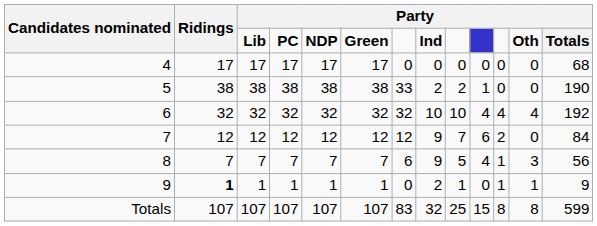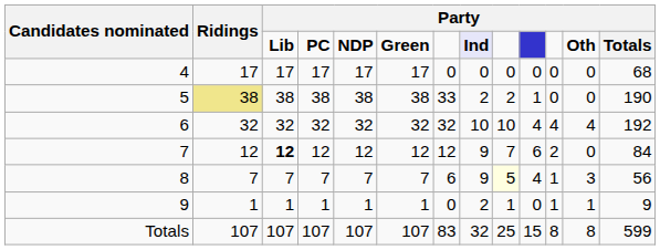 <table class="wikitable" style="text-align:right;">
 <tr>
 <th rowspan="2">Candidates nominated</th>
 <th rowspan="2">Ridings</th>
 <th colspan="11">Party</th>
 </tr>
 <tr>
 <td><strong>Lib</strong></td>
 <td><strong>PC</strong></td>
 <td><strong>NDP</strong></td>
 <td><strong>Green</strong></td>
 <td><strong></strong></td>
-<td><strong>Ind</strong></td>
+<td style="background: lavender;"><strong>Ind</strong></td>
 <td><strong></strong></td>
 <td style="background-color:#3333CC; color: white" align="center"><strong></strong></td>
 <td><strong></strong></td>
 <td><strong>Oth</strong></td>
 <th>Totals</th>
 </tr>
 <tr>
 <td>4</td>
 <td>17</td>
 <td>17</td>
 <td>17</td>
 <td>17</td>
 <td>17</td>
 <td>0</td>
 <td>0</td>
 <td>0</td>
 <td>0</td>
 <td>0</td>
 <td>0</td>
 <td>68</td>
 </tr>
 <tr>
 <td>5</td>
-<td>38</td>
+<td style="background: khaki;">38</td>
 <td>38</td>
 <td>38</td>
 <td>38</td>
 <td>38</td>
 <td>33</td>
 <td>2</td>
 <td>2</td>
 <td>1</td>
 <td>0</td>
 <td>0</td>
 <td>190</td>
 </tr>
 <tr>
 <td>6</td>
 <td>32</td>
 <td>32</td>
 <td>32</td>
 <td>32</td>
 <td>32</td>
 <td>32</td>
 <td>10</td>
 <td>10</td>
 <td>4</td>
 <td>4</td>
 <td>4</td>
 <td>192</td>
 </tr>
 <tr>
 <td>7</td>
 <td>12</td>
-<td>12</td>
+<td><strong>12</strong></td>
 <td>12</td>
 <td>12</td>
 <td>12</td>
 <td>12</td>
 <td>9</td>
 <td>7</td>
 <td>6</td>
 <td>2</td>
 <td>0</td>
 <td>84</td>
 </tr>
 <tr>
 <td>8</td>
 <td>7</td>
 <td>7</td>
 <td>7</td>
 <td>7</td>
 <td>7</td>
 <td>6</td>
 <td>9</td>
-<td>5</td>
+<td style="background: lightyellow;">5</td>
 <td>4</td>
 <td>1</td>
 <td>3</td>
 <td>56</td>
 </tr>
 <tr>
 <td>9</td>
-<td><strong>1</strong></td>
+<td>1</td>
 <td>1</td>
 <td>1</td>
 <td>1</td>
 <td>1</td>
 <td>0</td>
 <td>2</td>
 <td>1</td>
 <td>0</td>
 <td>1</td>
 <td>1</td>
 <td>9</td>
 </tr>
 <tr>
 <td>Totals</td>
 <td>107</td>
 <td>107</td>
 <td>107</td>
 <td>107</td>
 <td>107</td>
 <td>83</td>
 <td>32</td>
 <td>25</td>
 <td>15</td>
 <td>8</td>
 <td>8</td>
 <td>599</td>
 </tr>
 </table>
